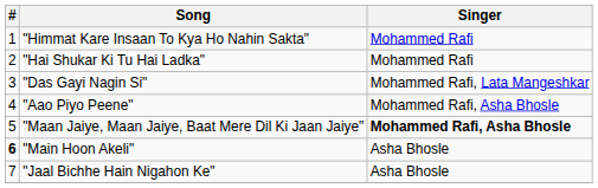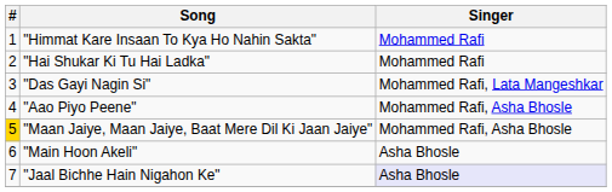 <table class="wikitable">
 <tr>
 <th>#</th>
 <th>Song</th>
 <th>Singer</th>
 </tr>
 <tr>
 <td>1</td>
 <td>"Himmat Kare Insaan To Kya Ho Nahin Sakta"</td>
 <td><a href='#'>Mohammed Rafi</a></td>
 </tr>
 <tr>
 <td>2</td>
 <td>"Hai Shukar Ki Tu Hai Ladka"</td>
 <td>Mohammed Rafi</td>
 </tr>
 <tr>
 <td>3</td>
 <td>"Das Gayi Nagin Si"</td>
 <td>Mohammed Rafi, <a href='#'>Lata Mangeshkar</a></td>
 </tr>
 <tr>
 <td>4</td>
 <td>"Aao Piyo Peene"</td>
 <td>Mohammed Rafi, <a href='#'>Asha Bhosle</a></td>
 </tr>
 <tr>
-<td>5</td>
+<td style="background: gold;">5</td>
 <td>"Maan Jaiye, Maan Jaiye, Baat Mere Dil Ki Jaan Jaiye"</td>
-<td><strong>Mohammed Rafi, Asha Bhosle</strong></td>
+<td>Mohammed Rafi, Asha Bhosle</td>
 </tr>
 <tr>
-<td><strong>6</strong></td>
+<td>6</td>
 <td>"Main Hoon Akeli"</td>
 <td>Asha Bhosle</td>
 </tr>
 <tr>
 <td>7</td>
 <td>"Jaal Bichhe Hain Nigahon Ke"</td>
-<td>Asha Bhosle</td>
+<td style="background: lavender;">Asha Bhosle</td>
 </tr>
 <tr>
 </tr>
 </table>
